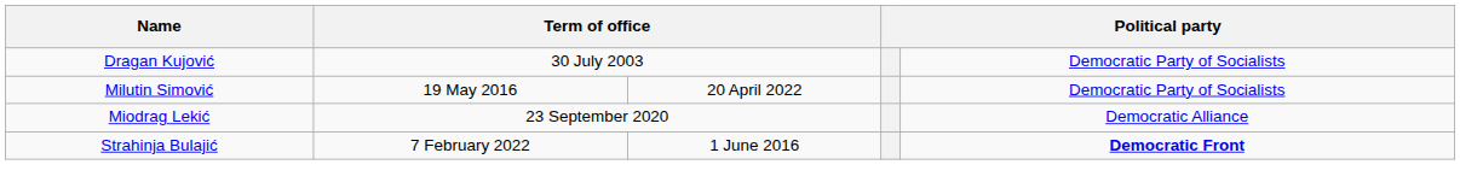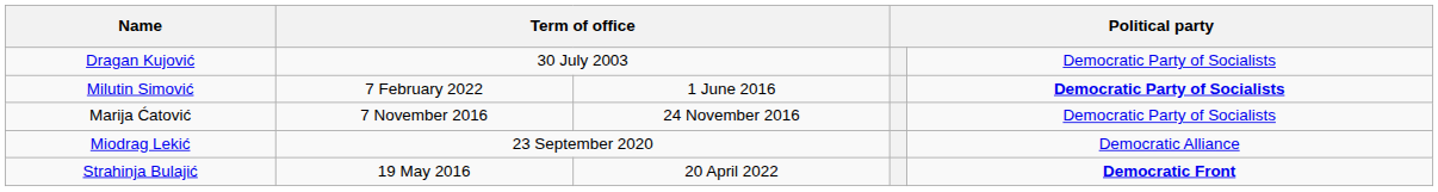 <table class="wikitable collapsible collapsed" style="text-align:center; width:90%; line-height:126%; margin-bottom:0">
 <tr style="height:42px; background:#e9e9e9;">
 <th>Name<br></th>
 <th colspan=2>Term of office</th>
 <th colspan=2>Political party</th>
 </tr>
 <tr>
 <td scope="row" style="font-weight:normal;"><a href='#'>Dragan Kujović</a><br></td>
 <td colspan=2>30 July 2003</td>
 <th style="background:"></th>
 <td><a href='#'>Democratic Party of Socialists</a></td>
 </tr>
 <tr>
 <td scope="row" style="font-weight:normal;"><a href='#'>Milutin Simović</a><br></td>
-<td>19 May 2016</td>
-<td>20 April 2022</td>
+<td>7 February 2022</td>
+<td>1 June 2016</td>
+<th style="background:"></th>
+<td><strong><a href='#'>Democratic Party of Socialists</a></strong></td>
+</tr>
+<tr>
+<td scope="row" style="font-weight:normal;">Marija Ćatović<br></td>
+<td>7 November 2016</td>
+<td>24 November 2016</td>
 <th style="background:"></th>
 <td><a href='#'>Democratic Party of Socialists</a></td>
 </tr>
 <tr>
 <td scope="row" style="font-weight:normal;"><a href='#'>Miodrag Lekić</a><br></td>
 <td colspan=2>23 September 2020</td>
 <th style="background:"></th>
 <td><a href='#'>Democratic Alliance</a></td>
 </tr>
 <tr>
 <td scope="row" style="font-weight:normal;"><a href='#'>Strahinja Bulajić</a><br></td>
-<td>7 February 2022</td>
-<td>1 June 2016</td>
+<td>19 May 2016</td>
+<td>20 April 2022</td>
 <th style="background:"></th>
 <td><strong><a href='#'>Democratic Front</a></strong></td>
 </tr>
 </table>
